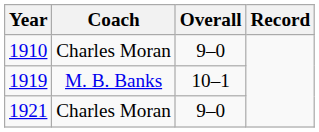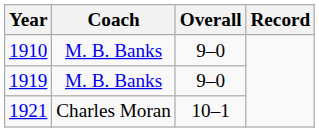 <table class="wikitable" style="text-align:center">
 <tr>
 <th width=px>Year</th>
 <th width=px>Coach</th>
 <th width=px>Overall</th>
 <th width=px>Record</th>
 </tr>
 <tr>
 <td><a href='#'>1910</a></td>
-<td>Charles Moran</td>
+<td><a href='#'>M. B. Banks</a></td>
 <td>9–0</td>
 </tr>
 <tr>
 <td><a href='#'>1919</a></td>
 <td><a href='#'>M. B. Banks</a></td>
-<td>10–1</td>
+<td>9–0</td>
 </tr>
 <tr>
 <td><a href='#'>1921</a></td>
 <td>Charles Moran</td>
-<td>9–0</td>
+<td>10–1</td>
 </tr>
 </table>
